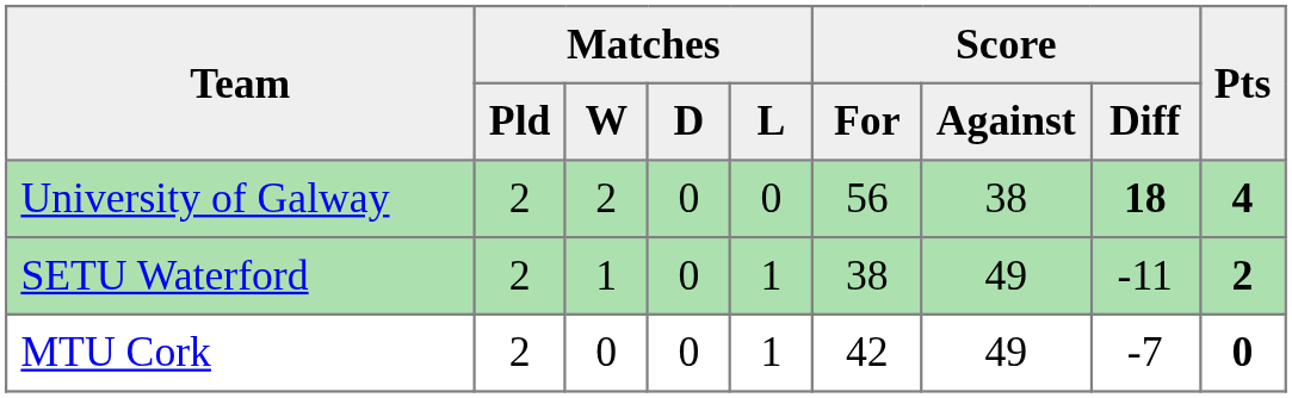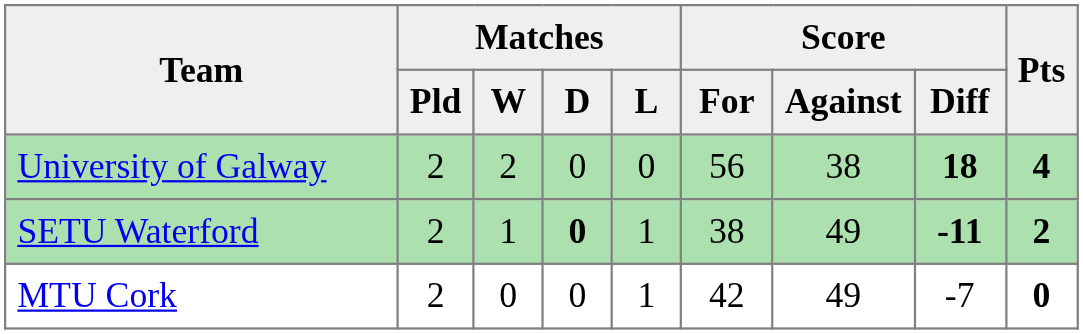 <table style=border-collapse:collapse border=1 cellspacing=0 cellpadding=5>
 <tr align=center bgcolor=#efefef>
 <th rowspan=2 width=165>Team</th>
 <th colspan=4>Matches</th>
 <th colspan=3>Score</th>
 <th rowspan=2width=20>Pts</th>
 </tr>
 <tr align=center bgcolor=#efefef>
 <th width=20>Pld</th>
 <th width=20>W</th>
 <th width=20>D</th>
 <th width=20>L</th>
 <th width=30>For</th>
 <th width=30>Against</th>
 <th width=30>Diff</th>
 </tr>
 <tr align=center style="background:#ACE1AF;">
 <td style="text-align:left;"><a href='#'>University of Galway</a></td>
 <td>2</td>
 <td>2</td>
 <td>0</td>
 <td>0</td>
 <td>56</td>
 <td>38</td>
 <td><strong>18</strong></td>
 <td><strong>4</strong></td>
 </tr>
 <tr align=center style="background:#ACE1AF;">
 <td style="text-align:left;"><a href='#'>SETU Waterford</a></td>
 <td>2</td>
 <td>1</td>
-<td>0</td>
+<td><strong>0</strong></td>
 <td>1</td>
 <td>38</td>
 <td>49</td>
-<td>-11</td>
+<td><strong>-11</strong></td>
 <td><strong>2</strong></td>
 </tr>
 <tr align=center>
 <td style="text-align:left;"><a href='#'>MTU Cork</a></td>
 <td>2</td>
 <td>0</td>
 <td>0</td>
 <td>1</td>
 <td>42</td>
 <td>49</td>
 <td>-7</td>
 <td><strong>0</strong></td>
 </tr>
 </table>
